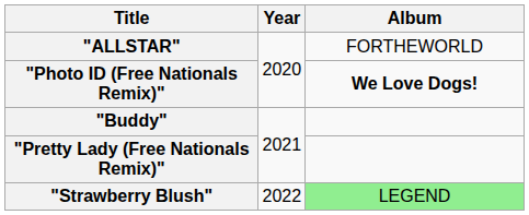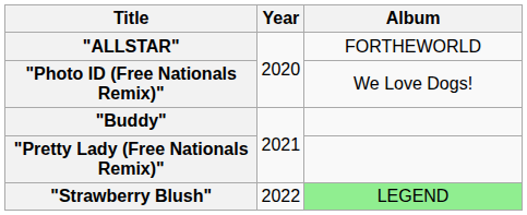 <table class="wikitable plainrowheaders" style="text-align:center;">
 <tr>
 <th scope="col" style="width:14em;">Title</th>
 <th scope="col" style="width:1em;">Year</th>
 <th scope="col" style="width:12em;">Album</th>
 </tr>
 <tr>
 <th scope="row">"ALLSTAR"<br></th>
 <td rowspan="2">2020</td>
 <td>FORTHEWORLD</td>
 </tr>
 <tr>
 <th scope="row">"Photo ID (Free Nationals Remix)"<br></th>
-<td><strong>We Love Dogs!</strong></td>
+<td>We Love Dogs!</td>
 </tr>
 <tr>
 <th scope="row">"Buddy"<br></th>
 <td rowspan="2">2021</td>
 <td></td>
 </tr>
 <tr>
 <th scope="row">"Pretty Lady (Free Nationals Remix)"<br></th>
 <td></td>
 </tr>
 <tr>
 <th scope="row">"Strawberry Blush"<br></th>
 <td rowspan="2">2022</td>
 <td style="background: lightgreen;">LEGEND</td>
 </tr>
 </table>
